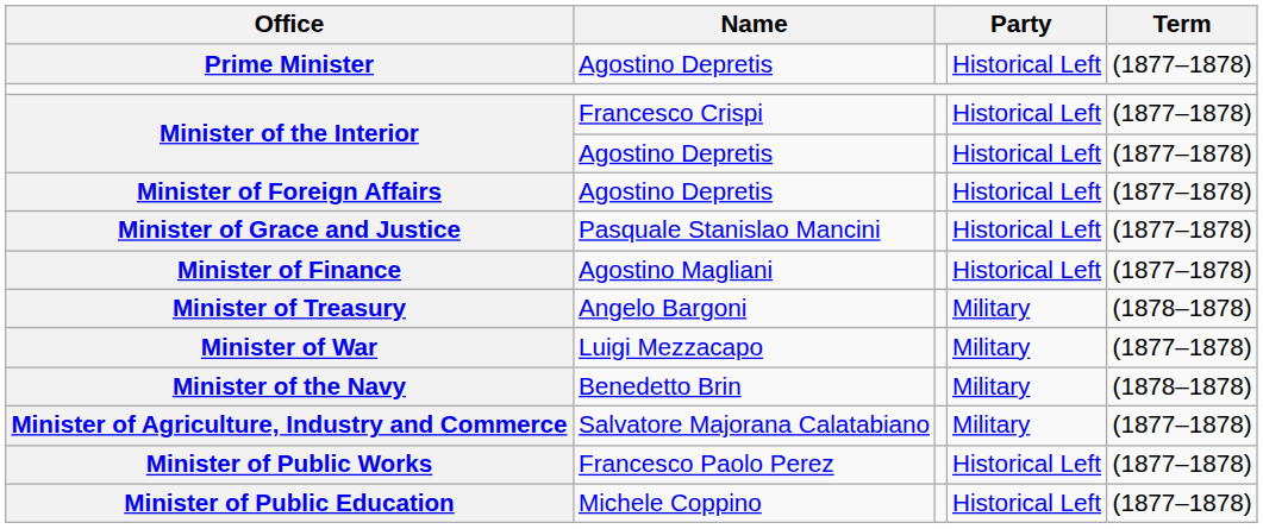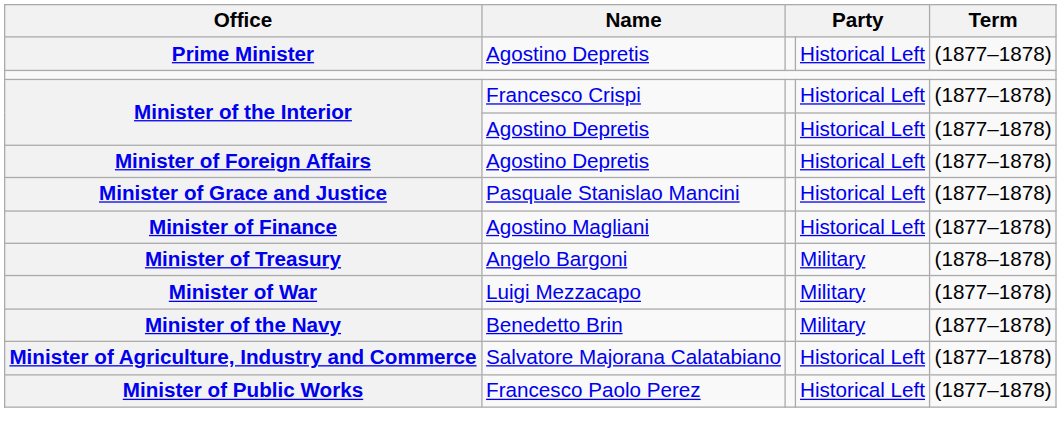 <table class="wikitable" style="font-size: 100%;">
 <tr>
 <th>Office</th>
 <th>Name</th>
 <th colspan=2>Party</th>
 <th>Term</th>
 </tr>
 <tr>
 <th><a href='#'>Prime Minister</a></th>
 <td><a href='#'>Agostino Depretis</a></td>
 <td style="color:inherit;background:"></td>
 <td><a href='#'>Historical Left</a></td>
 <td>(1877–1878)</td>
 </tr>
 <tr>
 <td colspan=5></td>
 </tr>
 <tr>
 <th rowspan=2><a href='#'>Minister of the Interior</a></th>
 <td><a href='#'>Francesco Crispi</a></td>
 <td style="color:inherit;background:"></td>
 <td><a href='#'>Historical Left</a></td>
 <td>(1877–1878)</td>
 </tr>
 <tr>
 <td><a href='#'>Agostino Depretis</a></td>
 <td style="color:inherit;background:"></td>
 <td><a href='#'>Historical Left</a></td>
 <td>(1877–1878)</td>
 </tr>
 <tr>
 <th><a href='#'>Minister of Foreign Affairs</a></th>
 <td><a href='#'>Agostino Depretis</a></td>
 <td style="color:inherit;background:"></td>
 <td><a href='#'>Historical Left</a></td>
 <td>(1877–1878)</td>
 </tr>
 <tr>
 <th><a href='#'>Minister of Grace and Justice</a></th>
 <td><a href='#'>Pasquale Stanislao Mancini</a></td>
 <td style="color:inherit;background:"></td>
 <td><a href='#'>Historical Left</a></td>
 <td>(1877–1878)</td>
 </tr>
 <tr>
 <th><a href='#'>Minister of Finance</a></th>
 <td><a href='#'>Agostino Magliani</a></td>
 <td style="color:inherit;background:"></td>
 <td><a href='#'>Historical Left</a></td>
 <td>(1877–1878)</td>
 </tr>
 <tr>
 <th><a href='#'>Minister of Treasury</a></th>
 <td><a href='#'>Angelo Bargoni</a></td>
 <td style="color:inherit;background:"></td>
 <td><a href='#'>Military</a></td>
 <td>(1878–1878)</td>
 </tr>
 <tr>
 <th><a href='#'>Minister of War</a></th>
 <td><a href='#'>Luigi Mezzacapo</a></td>
 <td style="color:inherit;background:"></td>
 <td><a href='#'>Military</a></td>
 <td>(1877–1878)</td>
 </tr>
 <tr>
 <th><a href='#'>Minister of the Navy</a></th>
 <td><a href='#'>Benedetto Brin</a></td>
 <td style="color:inherit;background:"></td>
 <td><a href='#'>Military</a></td>
-<td>(1878–1878)</td>
+<td>(1877–1878)</td>
 </tr>
 <tr>
 <th><a href='#'>Minister of Agriculture, Industry and Commerce</a></th>
 <td><a href='#'>Salvatore Majorana Calatabiano</a></td>
 <td style="color:inherit;background:"></td>
-<td><a href='#'>Military</a></td>
+<td><a href='#'>Historical Left</a></td>
 <td>(1877–1878)</td>
 </tr>
 <tr>
 <th><a href='#'>Minister of Public Works</a></th>
 <td><a href='#'>Francesco Paolo Perez</a></td>
 <td style="color:inherit;background:"></td>
 <td><a href='#'>Historical Left</a></td>
 <td>(1877–1878)</td>
 </tr>
-<tr>
-<th><a href='#'>Minister of Public Education</a></th>
-<td><a href='#'>Michele Coppino</a></td>
-<td style="color:inherit;background:"></td>
-<td><a href='#'>Historical Left</a></td>
-<td>(1877–1878)</td>
-</tr>
 </table>
